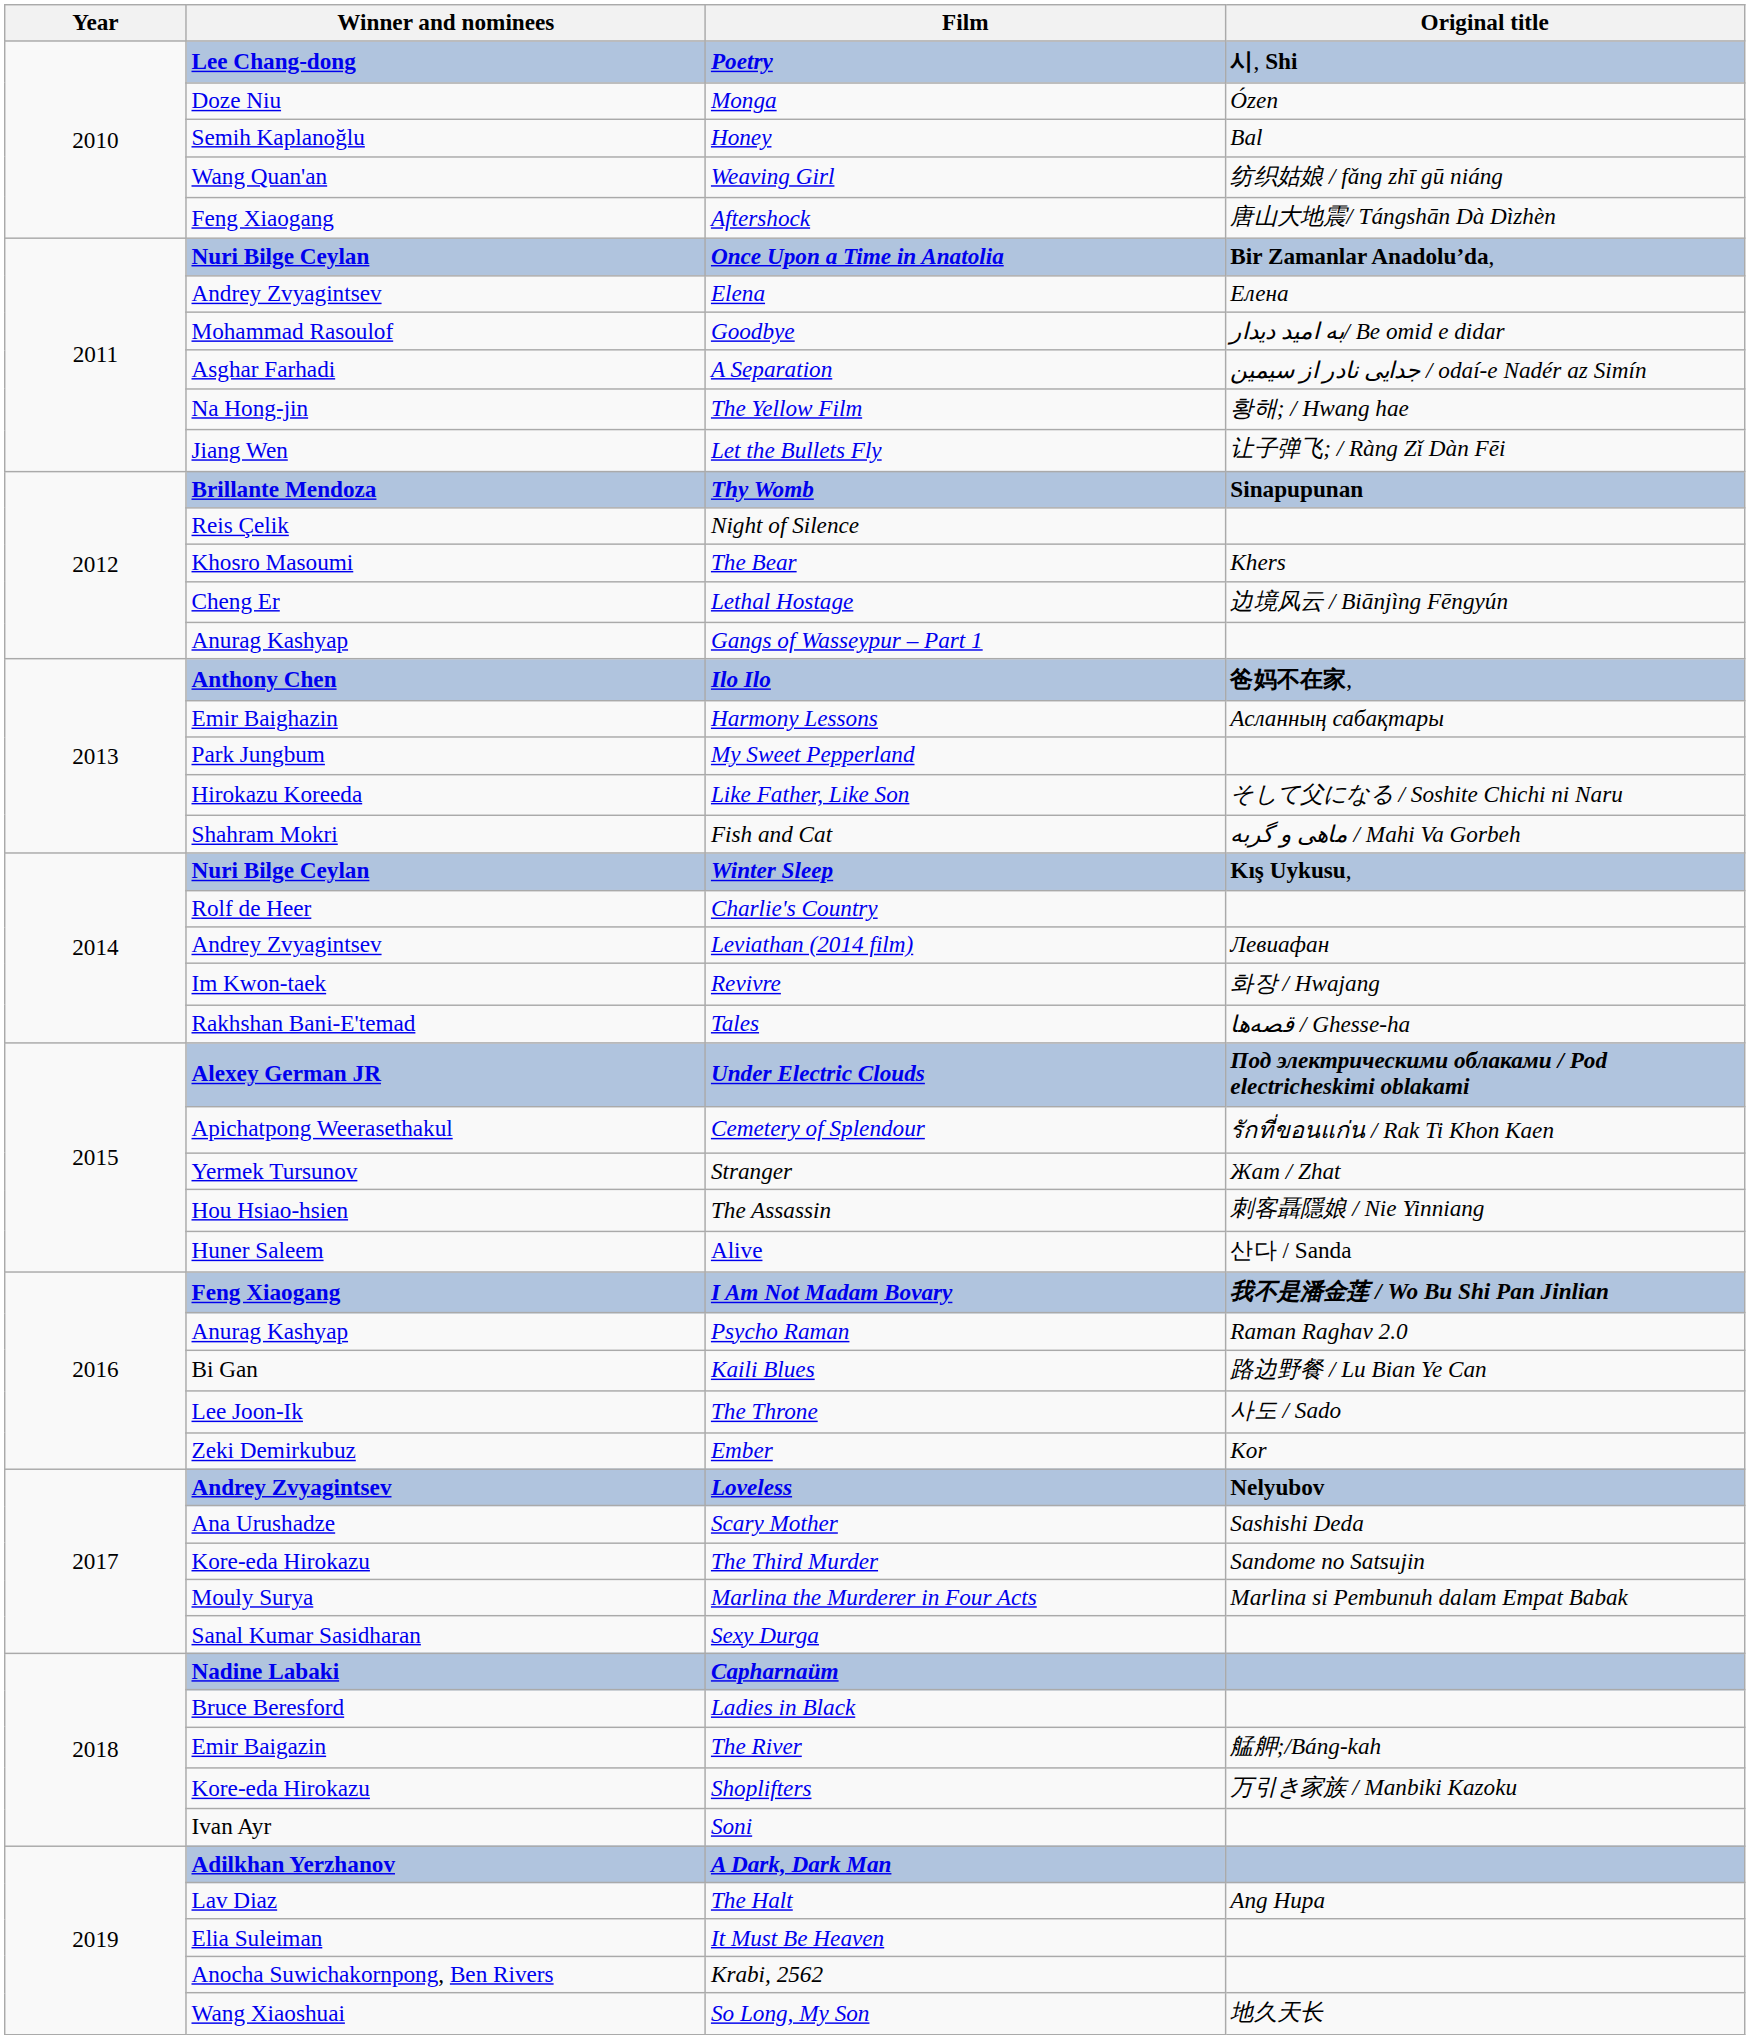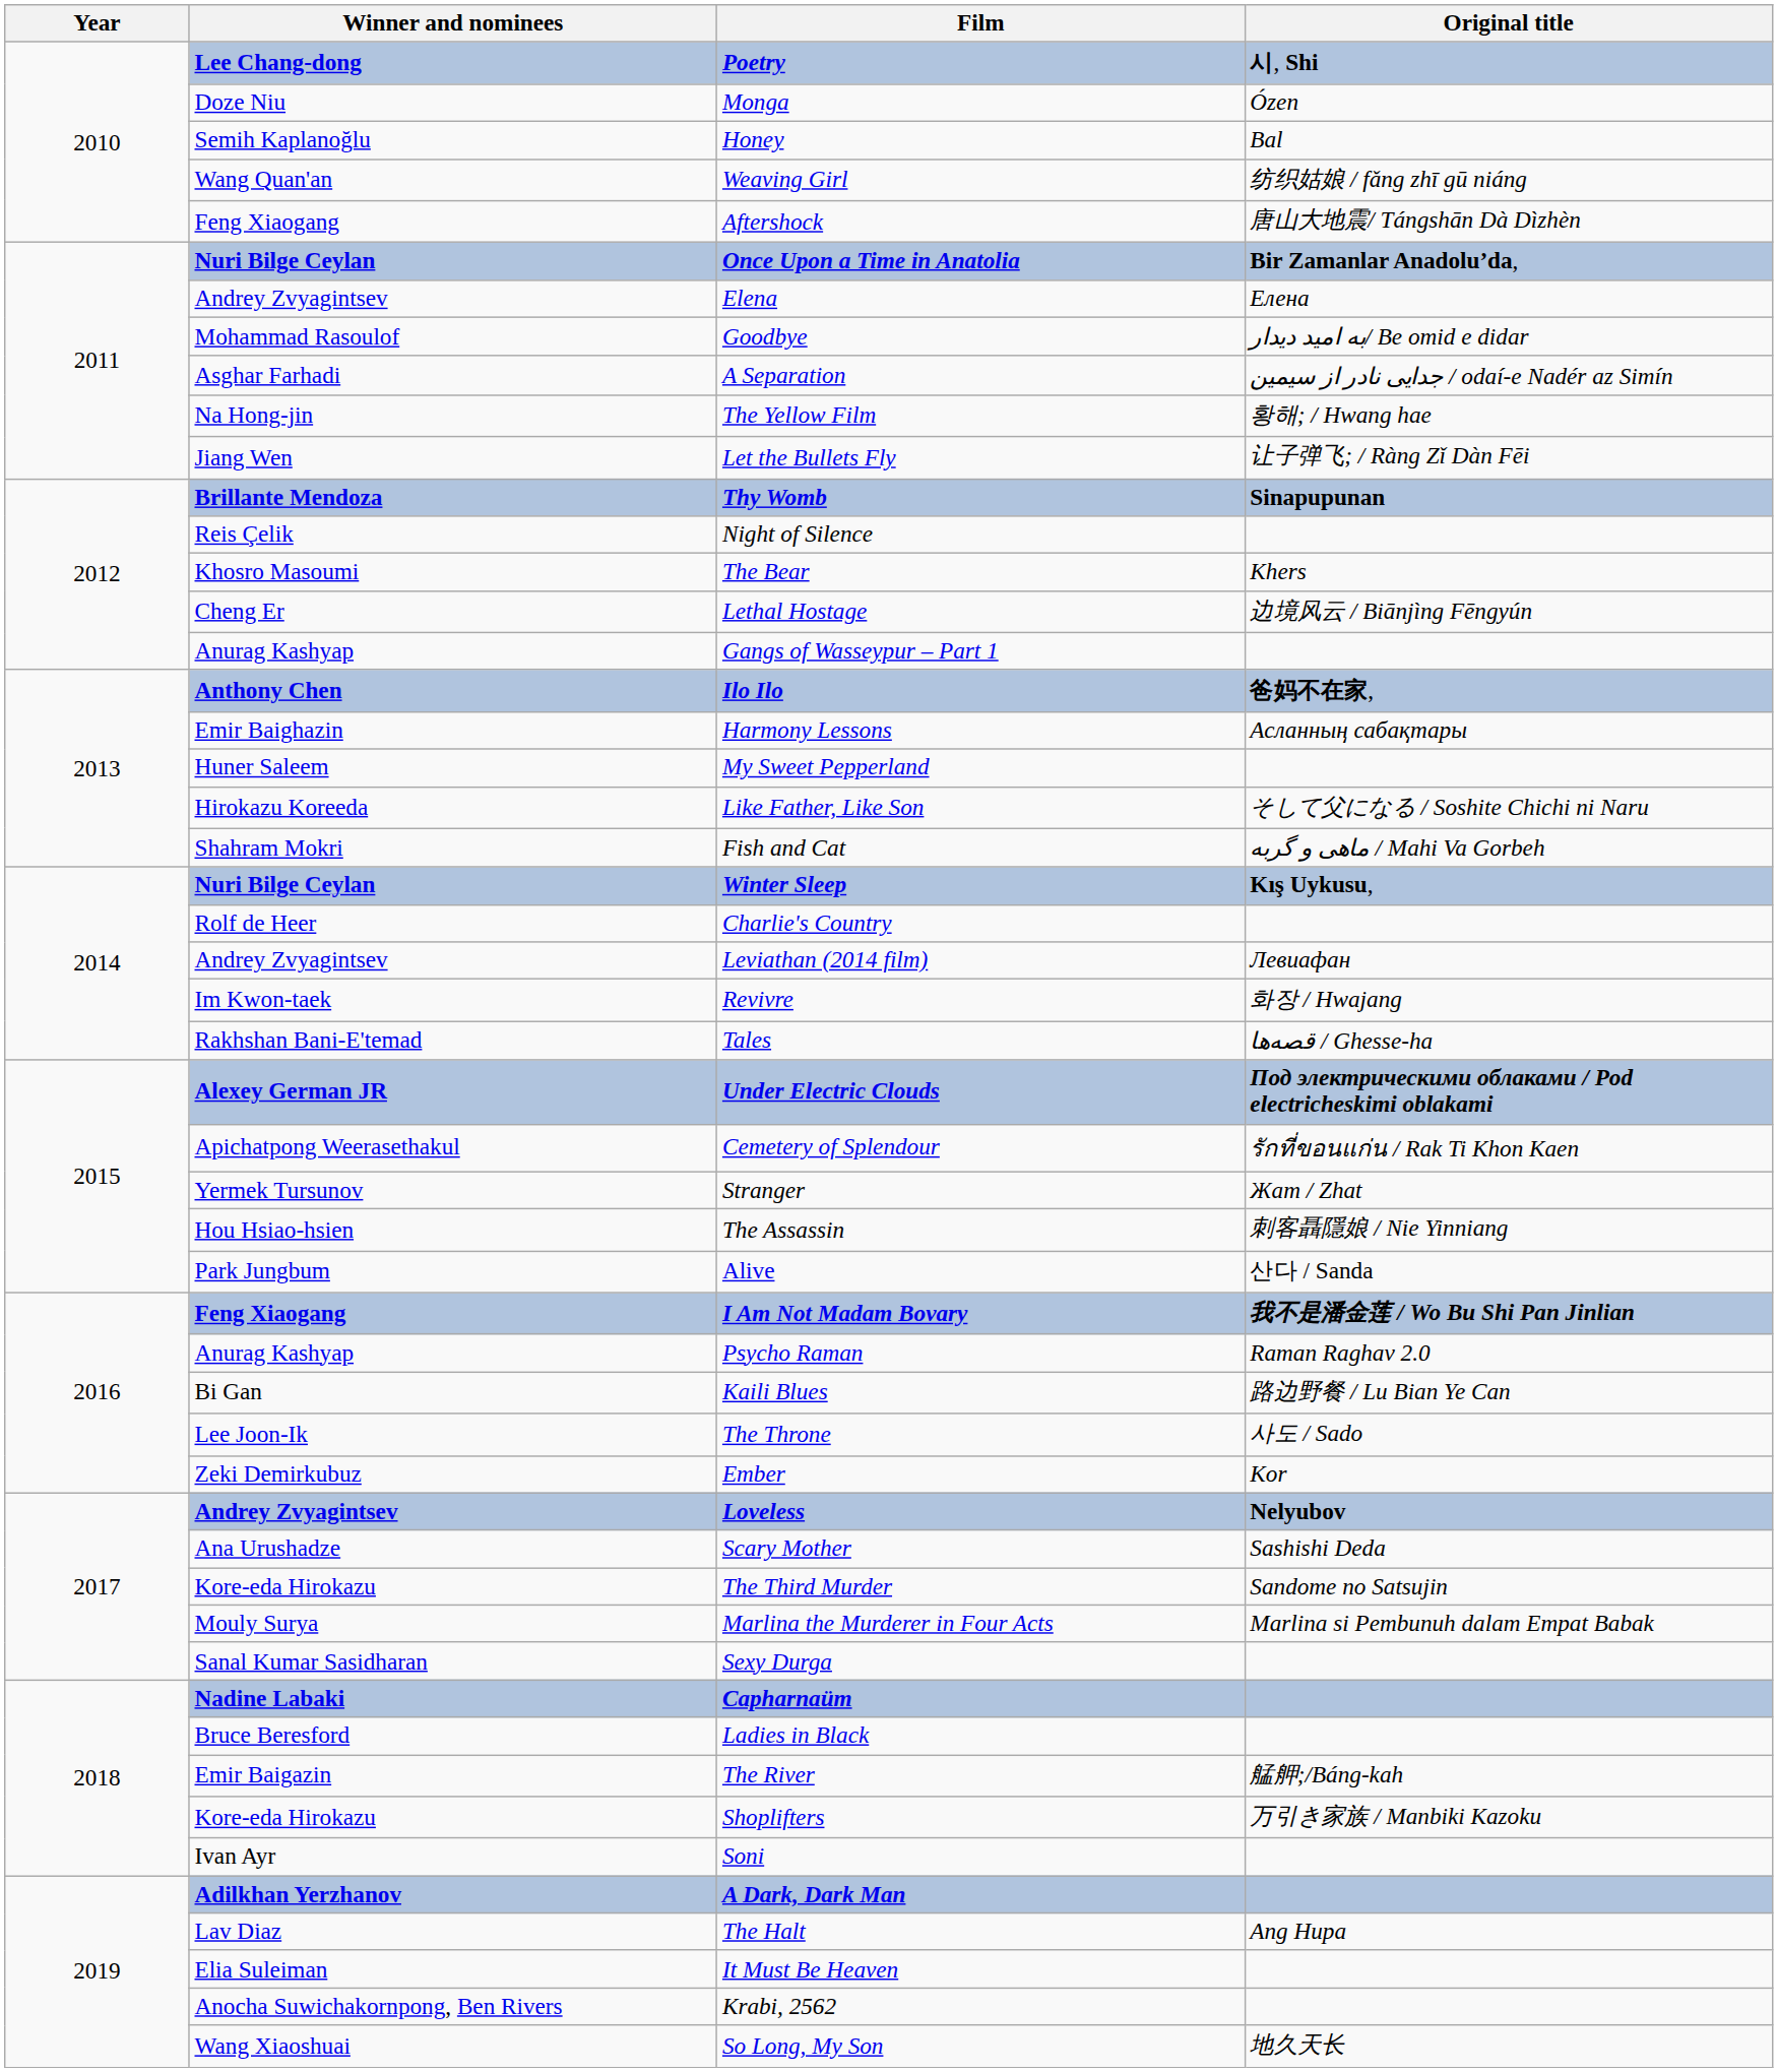 <table class="wikitable" style="width:95%;" cellpadding="5">
 <tr>
 <th style="width:100px;"><strong>Year</strong></th>
 <th style="width:300px;"><strong>Winner and nominees</strong></th>
 <th style="width:300px;"><strong>Film</strong></th>
 <th style="width:300px;"><strong>Original title</strong></th>
 </tr>
 <tr>
 <td rowspan="5" style="text-align:center;">2010</td>
 <td style="background:#B0C4DE;"> <strong><a href='#'>Lee Chang-dong</a></strong></td>
 <td style="background:#B0C4DE;"><strong><em><a href='#'>Poetry</a></em></strong></td>
 <td style="background:#B0C4DE;"><strong> 시</strong>, <strong>Shi</strong></td>
 </tr>
 <tr>
 <td> <a href='#'>Doze Niu</a></td>
 <td><em><a href='#'>Monga</a></em></td>
 <td><em>Ózen</em></td>
 </tr>
 <tr>
 <td> <a href='#'>Semih Kaplanoğlu</a></td>
 <td><em><a href='#'>Honey</a></em></td>
 <td><em>Bal</em></td>
 </tr>
 <tr>
 <td> <a href='#'>Wang Quan'an</a></td>
 <td><em><a href='#'>Weaving Girl</a></em></td>
 <td><em>纺织姑娘 / fǎng zhī gū niáng</em></td>
 </tr>
 <tr>
 <td> <a href='#'>Feng Xiaogang</a></td>
 <td><em><a href='#'>Aftershock</a></em></td>
 <td><em>唐山大地震/ Tángshān Dà Dìzhèn</em></td>
 </tr>
 <tr>
 <td rowspan="6" style="text-align:center;">2011</td>
 <td style="background:#B0C4DE;"> <strong><a href='#'>Nuri Bilge Ceylan</a></strong></td>
 <td style="background:#B0C4DE;"><strong><em><a href='#'>Once Upon a Time in Anatolia</a></em></strong></td>
 <td style="background:#B0C4DE;"><strong>  Bir Zamanlar Anadolu’da</strong>,</td>
 </tr>
 <tr>
 <td> <a href='#'>Andrey Zvyagintsev</a></td>
 <td><em><a href='#'>Elena</a> </em></td>
 <td><em>Елена</em></td>
 </tr>
 <tr>
 <td> <a href='#'>Mohammad Rasoulof</a></td>
 <td><em><a href='#'>Goodbye</a></em></td>
 <td><em>به امید دیدار/ Be omid e didar</em></td>
 </tr>
 <tr>
 <td> <a href='#'>Asghar Farhadi</a></td>
 <td><em><a href='#'>A Separation</a></em></td>
 <td><em>جدایی نادر از سیمین / odaí-e Nadér az Simín</em></td>
 </tr>
 <tr>
 <td> <a href='#'>Na Hong-jin</a></td>
 <td><em><a href='#'>The Yellow Film</a></em></td>
 <td><em>황해; / Hwang hae </em></td>
 </tr>
 <tr>
 <td> <a href='#'>Jiang Wen</a></td>
 <td><em><a href='#'>Let the Bullets Fly</a></em></td>
 <td><em>让子弹飞; / Ràng Zǐ Dàn Fēi </em></td>
 </tr>
 <tr>
 <td rowspan="5" style="text-align:center;">2012</td>
 <td style="background:#B0C4DE;"> <strong><a href='#'>Brillante Mendoza</a></strong></td>
 <td style="background:#B0C4DE;"><strong><em><a href='#'>Thy Womb</a></em></strong></td>
 <td style="background:#B0C4DE;"><strong>Sinapupunan</strong></td>
 </tr>
 <tr>
 <td> <a href='#'>Reis Çelik</a></td>
 <td><em>Night of Silence </em></td>
 <td></td>
 </tr>
 <tr>
 <td> <a href='#'>Khosro Masoumi</a></td>
 <td><em><a href='#'>The Bear</a></em></td>
 <td><em>Khers</em></td>
 </tr>
 <tr>
 <td> <a href='#'>Cheng Er</a></td>
 <td><em><a href='#'>Lethal Hostage</a></em></td>
 <td><em>边境风云 /  	Biānjìng Fēngyún</em></td>
 </tr>
 <tr>
 <td> <a href='#'>Anurag Kashyap</a></td>
 <td><em><a href='#'>Gangs of Wasseypur – Part 1</a></em></td>
 <td></td>
 </tr>
 <tr>
 <td rowspan="5" style="text-align:center;">2013</td>
 <td style="background:#B0C4DE;"> <strong><a href='#'>Anthony Chen</a></strong></td>
 <td style="background:#B0C4DE;"><strong><em><a href='#'>Ilo Ilo</a></em></strong></td>
 <td style="background:#B0C4DE;"><strong> 爸妈不在家</strong>,</td>
 </tr>
 <tr>
 <td> <a href='#'>Emir Baighazin</a></td>
 <td><em><a href='#'>Harmony Lessons</a></em></td>
 <td><em>Асланның сабақтары</em></td>
 </tr>
 <tr>
-<td><a href='#'>Park Jungbum</a></td>
+<td> <a href='#'>Huner Saleem</a></td>
 <td><em><a href='#'>My Sweet Pepperland</a></em></td>
 <td></td>
 </tr>
 <tr>
 <td> <a href='#'>Hirokazu Koreeda</a></td>
 <td><em><a href='#'>Like Father, Like Son</a></em></td>
 <td><em>そして父になる / Soshite Chichi ni Naru</em></td>
 </tr>
 <tr>
 <td> <a href='#'>Shahram Mokri</a></td>
 <td><em>Fish and Cat</em></td>
 <td><em>ماهی و گربه / Mahi Va Gorbeh</em></td>
 </tr>
 <tr>
 <td rowspan="5" style="text-align:center;">2014</td>
 <td style="background:#B0C4DE;"> <strong><a href='#'>Nuri Bilge Ceylan</a></strong></td>
 <td style="background:#B0C4DE;"><strong><em><a href='#'>Winter Sleep</a></em></strong></td>
 <td style="background:#B0C4DE;"><strong> Kış Uykusu</strong>,</td>
 </tr>
 <tr>
 <td> <a href='#'>Rolf de Heer</a></td>
 <td><em><a href='#'>Charlie's Country</a> </em></td>
 <td></td>
 </tr>
 <tr>
 <td> <a href='#'>Andrey Zvyagintsev</a></td>
 <td><em><a href='#'>Leviathan (2014 film)</a></em></td>
 <td><em>Левиафан</em></td>
 </tr>
 <tr>
 <td> <a href='#'>Im Kwon-taek</a></td>
 <td><em><a href='#'>Revivre</a></em></td>
 <td><em>화장 / Hwajang</em></td>
 </tr>
 <tr>
 <td> <a href='#'>Rakhshan Bani-E'temad</a></td>
 <td><em><a href='#'>Tales</a></em></td>
 <td><em>قصه‌ها  / Ghesse-ha</em></td>
 </tr>
 <tr>
 <td rowspan="5" style="text-align:center;">2015</td>
 <td style="background:#B0C4DE;"><strong> <a href='#'>Alexey German JR</a></strong></td>
 <td style="background:#B0C4DE;"><strong><em><a href='#'>Under Electric Clouds</a></em></strong></td>
 <td style="background:#B0C4DE;"><strong><em>Под электрическими облаками / Pod electricheskimi oblakami</em></strong></td>
 </tr>
 <tr>
 <td> <a href='#'>Apichatpong Weerasethakul</a></td>
 <td><em><a href='#'>Cemetery of Splendour</a></em></td>
 <td><em>รักที่ขอนแก่น / Rak Ti Khon Kaen</em></td>
 </tr>
 <tr>
 <td> <a href='#'>Yermek Tursunov</a></td>
 <td><em>Stranger</em></td>
 <td><em>Жат / Zhat</em></td>
 </tr>
 <tr>
 <td> <a href='#'>Hou Hsiao-hsien</a></td>
 <td><em>The Assassin</em></td>
 <td><em>刺客聶隱娘 / Nie Yinniang</em></td>
 </tr>
 <tr>
-<td> <a href='#'>Huner Saleem</a></td>
+<td><a href='#'>Park Jungbum</a></td>
 <td><a href='#'>Alive</a></td>
 <td>산다 / Sanda</td>
 </tr>
 <tr>
 <td rowspan="5" style="text-align:center;">2016</td>
 <td style="background:#B0C4DE;"><strong> <a href='#'>Feng Xiaogang</a></strong></td>
 <td style="background:#B0C4DE;"><strong><em><a href='#'>I Am Not Madam Bovary</a></em></strong> </td>
 <td style="background:#B0C4DE;"><strong><em>我不是潘金莲 / Wo Bu Shi Pan Jinlian</em></strong></td>
 </tr>
 <tr>
 <td> <a href='#'>Anurag Kashyap</a></td>
 <td><a href='#'><em>Psycho Raman</em></a></td>
 <td><em>Raman Raghav 2.0</em></td>
 </tr>
 <tr>
 <td> Bi Gan</td>
 <td><em><a href='#'>Kaili Blues</a></em></td>
 <td><em>路边野餐 / Lu Bian Ye Can</em></td>
 </tr>
 <tr>
 <td> <a href='#'>Lee Joon-Ik</a></td>
 <td><em><a href='#'>The Throne</a></em></td>
 <td><em>사도 / Sado</em></td>
 </tr>
 <tr>
 <td> <a href='#'>Zeki Demirkubuz</a></td>
 <td><em><a href='#'>Ember</a></em></td>
 <td><em>Kor</em></td>
 </tr>
 <tr>
 <td rowspan="5" style="text-align:center;">2017</td>
 <td style="background:#B0C4DE;"><strong> <a href='#'>Andrey Zvyagintsev</a></strong></td>
 <td style="background:#B0C4DE;"><strong><em><a href='#'>Loveless</a></em></strong></td>
 <td style="background:#B0C4DE;"><strong>Nelyubov</strong></td>
 </tr>
 <tr>
 <td> <a href='#'>Ana Urushadze</a></td>
 <td><em><a href='#'>Scary Mother</a></em></td>
 <td><em>Sashishi Deda</em></td>
 </tr>
 <tr>
 <td> <a href='#'>Kore-eda Hirokazu</a></td>
 <td><em><a href='#'>The Third Murder</a></em></td>
 <td><em>Sandome no Satsujin</em></td>
 </tr>
 <tr>
 <td> <a href='#'>Mouly Surya</a></td>
 <td><em><a href='#'>Marlina the Murderer in Four Acts</a></em></td>
 <td><em>Marlina si Pembunuh dalam Empat Babak</em></td>
 </tr>
 <tr>
 <td> <a href='#'>Sanal Kumar Sasidharan</a></td>
 <td><em><a href='#'>Sexy Durga</a></em></td>
 <td></td>
 </tr>
 <tr>
 <td rowspan="5" style="text-align:center;">2018</td>
 <td style="background:#B0C4DE;"><strong> <a href='#'>Nadine Labaki</a></strong></td>
 <td style="background:#B0C4DE;"><strong><em><a href='#'>Capharnaüm</a></em></strong></td>
 <td style="background:#B0C4DE;"></td>
 </tr>
 <tr>
 <td> <a href='#'>Bruce Beresford</a></td>
 <td><em><a href='#'>Ladies in Black</a></em></td>
 <td></td>
 </tr>
 <tr>
 <td> <a href='#'>Emir Baigazin</a></td>
 <td><em><a href='#'>The River</a></em></td>
 <td><em> 艋舺;/Báng-kah</em></td>
 </tr>
 <tr>
 <td> <a href='#'>Kore-eda Hirokazu</a></td>
 <td><em><a href='#'>Shoplifters</a></em></td>
 <td><em>万引き家族 / Manbiki Kazoku</em></td>
 </tr>
 <tr>
 <td> Ivan Ayr</td>
 <td><em><a href='#'>Soni</a></em></td>
 <td></td>
 </tr>
 <tr>
 <td rowspan="5" style="text-align:center;">2019</td>
 <td style="background:#B0C4DE;"><strong> <a href='#'>Adilkhan Yerzhanov</a></strong></td>
 <td style="background:#B0C4DE;"><strong><em><a href='#'>A Dark, Dark Man</a></em></strong></td>
 <td style="background:#B0C4DE;"></td>
 </tr>
 <tr>
 <td> <a href='#'>Lav Diaz</a></td>
 <td><em><a href='#'>The Halt</a></em></td>
 <td><em>Ang Hupa</em></td>
 </tr>
 <tr>
 <td> <a href='#'>Elia Suleiman</a></td>
 <td><em><a href='#'>It Must Be Heaven</a></em></td>
 <td></td>
 </tr>
 <tr>
 <td>  <a href='#'>Anocha Suwichakornpong</a>, <a href='#'>Ben Rivers</a></td>
 <td><em>Krabi, 2562</em></td>
 <td></td>
 </tr>
 <tr>
 <td> <a href='#'>Wang Xiaoshuai</a></td>
 <td><em><a href='#'>So Long, My Son</a></em></td>
 <td><em>地久天长</em></td>
 </tr>
 </table>
